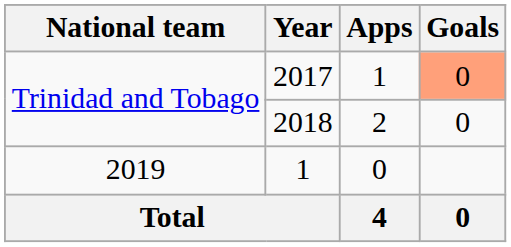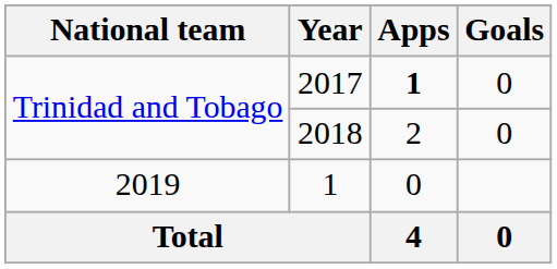 <table class="wikitable" style="text-align:center">
 <tr>
 <th>National team</th>
 <th>Year</th>
 <th>Apps</th>
 <th>Goals</th>
 </tr>
 <tr>
 <td rowspan="2"><a href='#'>Trinidad and Tobago</a></td>
 <td>2017</td>
-<td>1</td>
-<td style="background: lightsalmon;">0</td>
+<td><strong>1</strong></td>
+<td>0</td>
 </tr>
 <tr>
 <td>2018</td>
 <td>2</td>
 <td>0</td>
 </tr>
 <tr>
 <td>2019</td>
 <td>1</td>
 <td>0</td>
 </tr>
 <tr>
 <th colspan=2>Total</th>
 <th>4</th>
 <th>0</th>
 </tr>
 </table>
